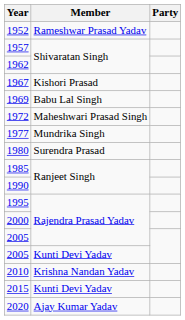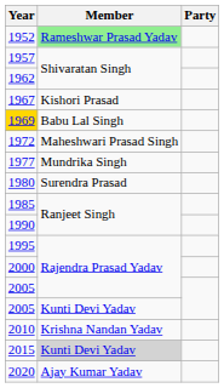 <table class="wikitable sortable">
 <tr>
 <th>Year</th>
 <th>Member</th>
 <th colspan="2">Party</th>
 </tr>
 <tr>
 <td><a href='#'>1952</a></td>
-<td><a href='#'>Rameshwar Prasad Yadav</a></td>
+<td style="background: lightgreen;"><a href='#'>Rameshwar Prasad Yadav</a></td>
 <td></td>
 </tr>
 <tr>
 <td><a href='#'>1957</a></td>
 <td rowspan="2">Shivaratan Singh</td>
 <td></td>
 </tr>
 <tr>
 <td><a href='#'>1962</a></td>
 </tr>
 <tr>
 <td><a href='#'>1967</a></td>
 <td>Kishori Prasad</td>
 <td></td>
 </tr>
 <tr>
-<td><a href='#'>1969</a></td>
+<td style="background: gold;"><a href='#'>1969</a></td>
 <td>Babu Lal Singh</td>
 <td></td>
 </tr>
 <tr>
 <td><a href='#'>1972</a></td>
 <td>Maheshwari Prasad Singh</td>
 <td></td>
 </tr>
 <tr>
 <td><a href='#'>1977</a></td>
 <td>Mundrika Singh</td>
 <td></td>
 </tr>
 <tr>
 <td><a href='#'>1980</a></td>
 <td>Surendra Prasad</td>
 <td></td>
 </tr>
 <tr>
 <td><a href='#'>1985</a></td>
 <td rowspan="2">Ranjeet Singh</td>
 <td></td>
 </tr>
 <tr>
 <td><a href='#'>1990</a></td>
 </tr>
 <tr>
 <td><a href='#'>1995</a></td>
 <td rowspan="3"><a href='#'>Rajendra Prasad Yadav</a></td>
 <td></td>
 </tr>
 <tr>
 <td><a href='#'>2000</a></td>
 <td></td>
 </tr>
 <tr>
 <td><a href='#'>2005</a></td>
 </tr>
 <tr>
 <td><a href='#'>2005</a></td>
 <td><a href='#'>Kunti Devi Yadav</a></td>
 </tr>
 <tr>
 <td><a href='#'>2010</a></td>
 <td><a href='#'>Krishna Nandan Yadav</a></td>
 <td></td>
 </tr>
 <tr>
 <td><a href='#'>2015</a></td>
-<td><a href='#'>Kunti Devi Yadav</a></td>
+<td style="background: lightgrey;"><a href='#'>Kunti Devi Yadav</a></td>
 <td></td>
 </tr>
 <tr>
 <td><a href='#'>2020</a></td>
 <td><a href='#'>Ajay Kumar Yadav</a></td>
 </tr>
 </table>
